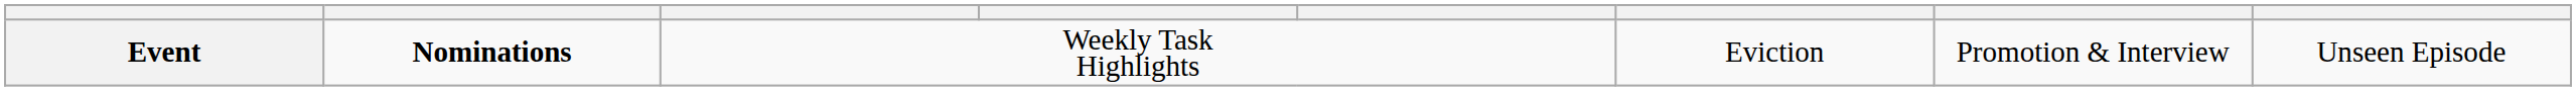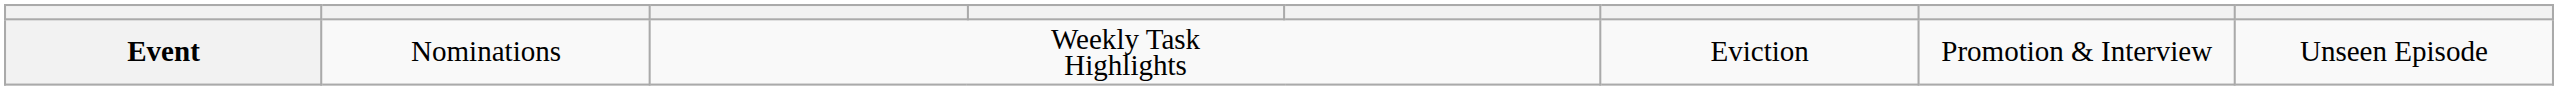 <table class="wikitable" style="text-align:center; font-size:89%; line-height:13px;">
 <tr>
 <th style="width: 6%;"></th>
 <th style="width: 6%;"></th>
 <th style="width: 6%;"></th>
 <th style="width: 6%;"></th>
 <th style="width: 6%;"></th>
 <th style="width: 6%;"></th>
 <th style="width: 6%;"></th>
 <th style="width: 6%;"></th>
 </tr>
 <tr>
 <th>Event</th>
-<td><strong>Nominations</strong></td>
+<td>Nominations</td>
 <td colspan="3">Weekly Task <br> Highlights</td>
 <td>Eviction</td>
 <td>Promotion & Interview</td>
 <td>Unseen Episode</td>
 </tr>
 </table>
